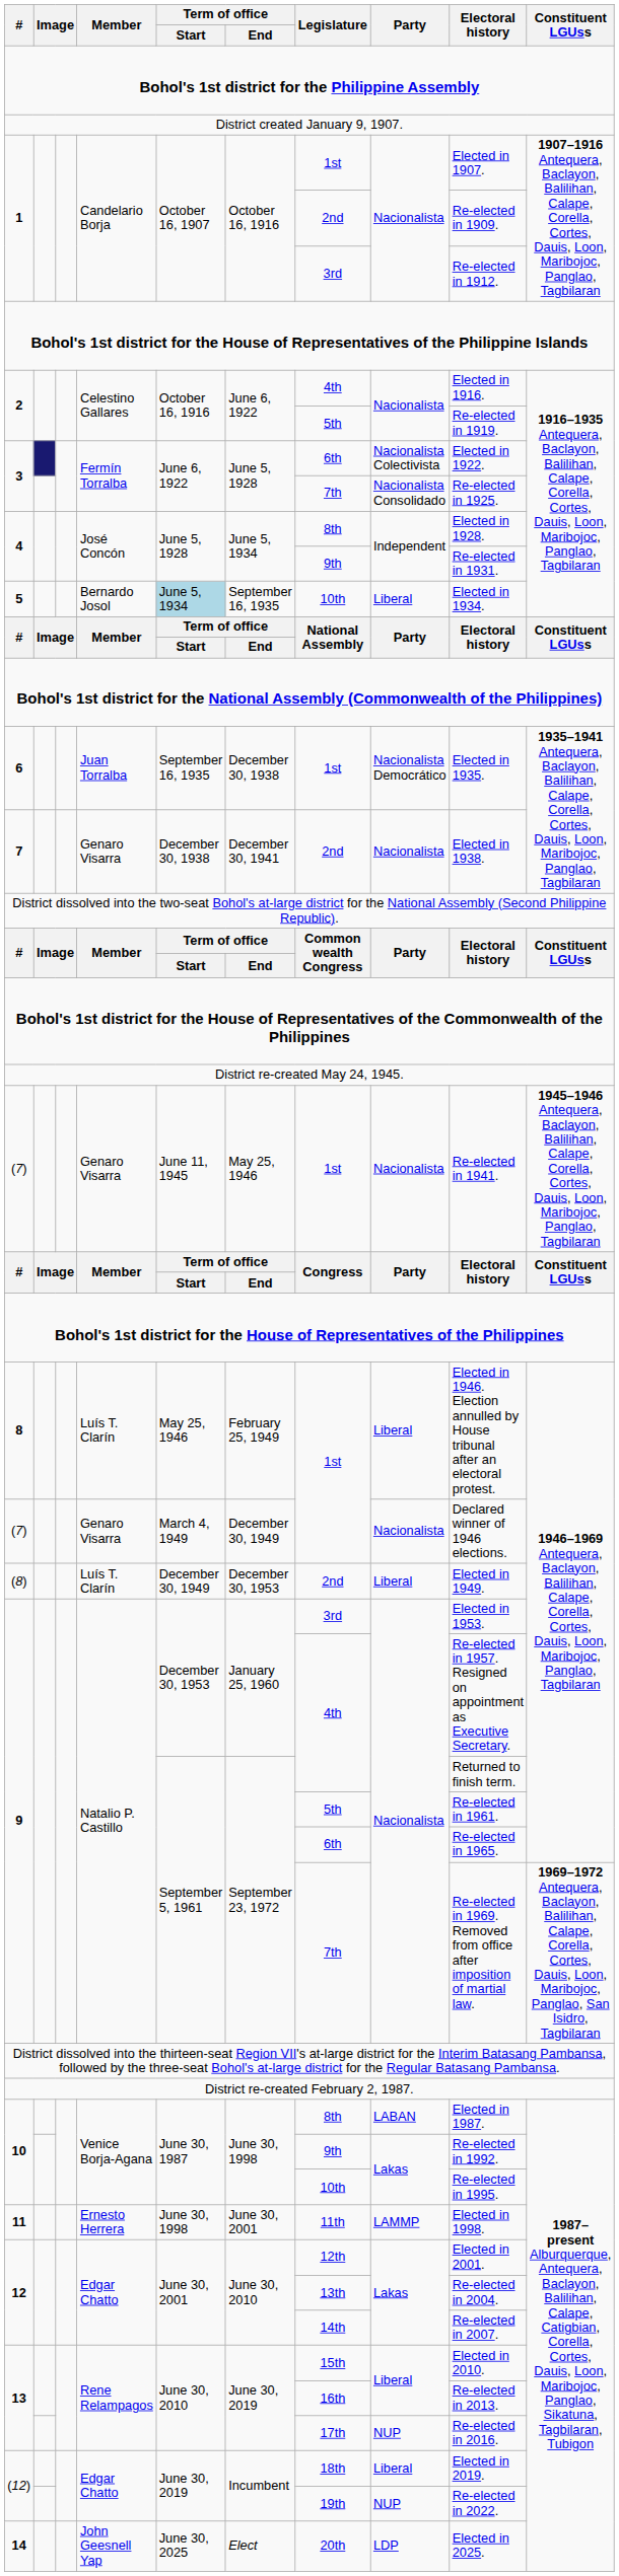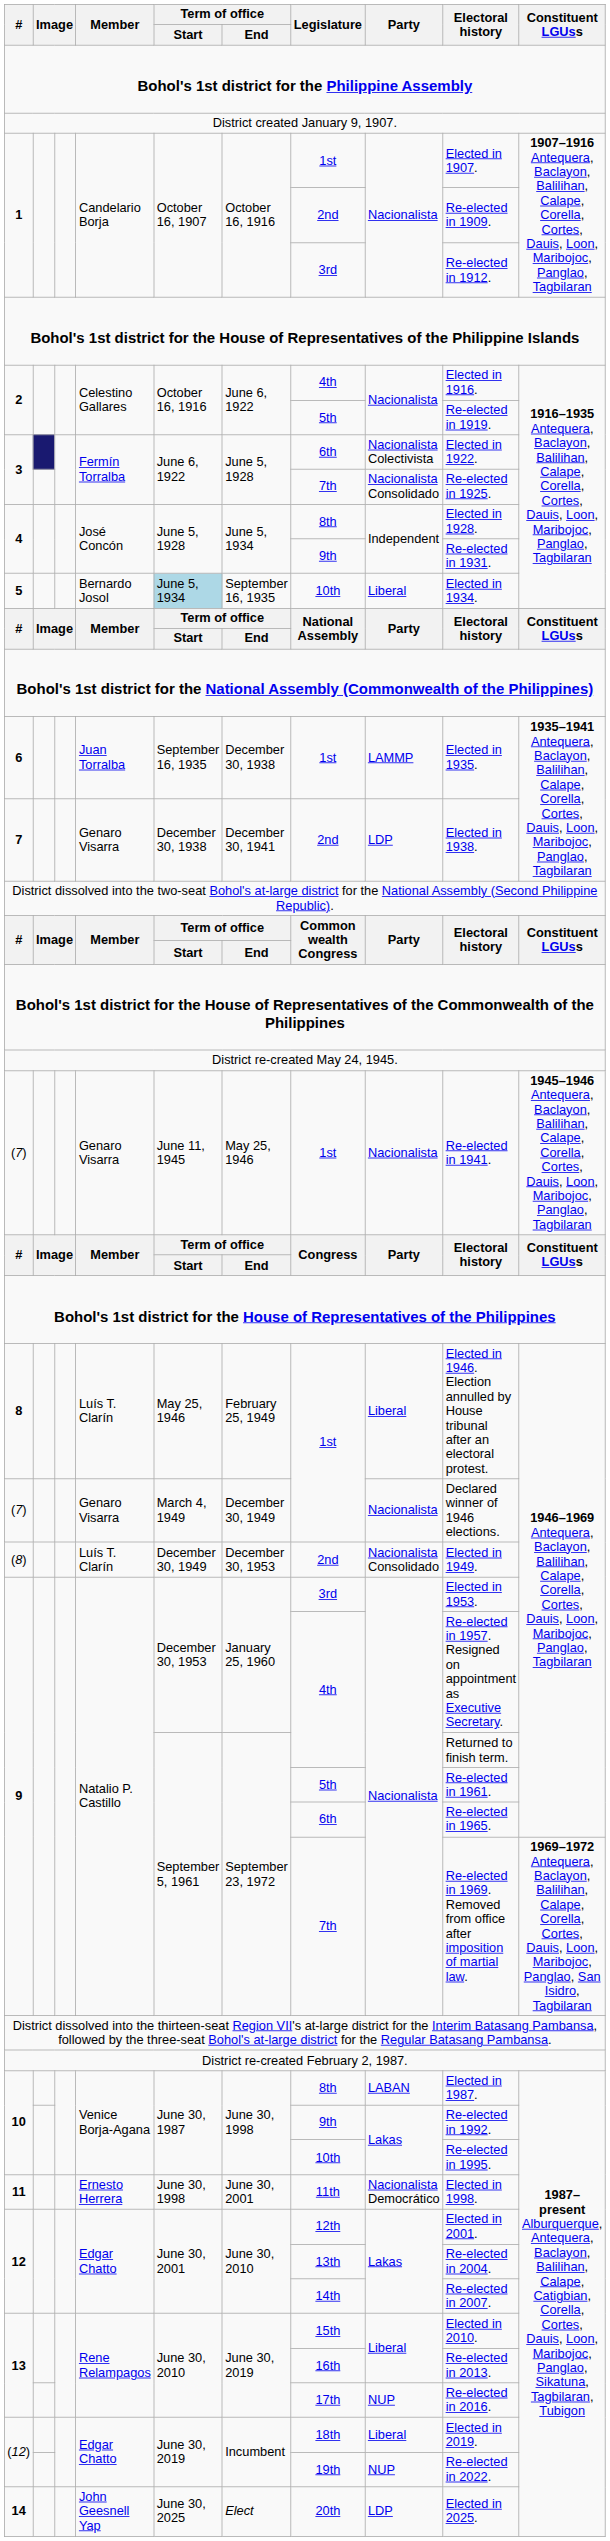 <table class=wikitable>
 <tr>
 <th rowspan="2">#</th>
 <th rowspan="2" colspan=2>Image</th>
 <th rowspan="2">Member</th>
 <th colspan=2>Term of office</th>
 <th rowspan="2">Legislature</th>
 <th rowspan="2">Party</th>
 <th rowspan="2">Electoral history</th>
 <th rowspan="2">Constituent<br><a href='#'>LGUs</a>s</th>
 </tr>
 <tr>
 <th>Start</th>
 <th>End</th>
 </tr>
 <tr>
 <td colspan="10" style="text-align:center;"><br><h3>Bohol's 1st district for the <a href='#'>Philippine Assembly</a></h3></td>
 </tr>
 <tr>
 <td colspan="10" style="text-align:center;">District created January 9, 1907.</td>
 </tr>
 <tr>
 <td rowspan="3" style="text-align:center;"><strong>1</strong></td>
 <td rowspan="3" style="color:inherit;background:"></td>
 <td rowspan="3"></td>
 <td rowspan="3">Candelario Borja</td>
 <td rowspan="3">October 16, 1907</td>
 <td rowspan="3">October 16, 1916</td>
 <td style="text-align:center;"><a href='#'>1st</a></td>
 <td rowspan="3"><a href='#'>Nacionalista</a></td>
 <td><a href='#'>Elected in 1907</a>.</td>
 <td rowspan="3" style="text-align:center;"><strong>1907–1916</strong><br><a href='#'>Antequera</a>, <a href='#'>Baclayon</a>, <a href='#'>Balilihan</a>, <a href='#'>Calape</a>, <a href='#'>Corella</a>, <a href='#'>Cortes</a>, <a href='#'>Dauis</a>, <a href='#'>Loon</a>, <a href='#'>Maribojoc</a>, <a href='#'>Panglao</a>, <a href='#'>Tagbilaran</a></td>
 </tr>
 <tr>
 <td style="text-align:center;"><a href='#'>2nd</a></td>
 <td><a href='#'>Re-elected in 1909</a>.</td>
 </tr>
 <tr>
 <td style="text-align:center;"><a href='#'>3rd</a></td>
 <td><a href='#'>Re-elected in 1912</a>.</td>
 </tr>
 <tr>
 <td colspan="10" style="text-align:center;"><br><h3>Bohol's 1st district for the House of Representatives of the Philippine Islands</h3></td>
 </tr>
 <tr>
 <td rowspan="2" style="text-align:center;"><strong>2</strong></td>
 <td rowspan="2" style="color:inherit;background:"></td>
 <td rowspan="2"></td>
 <td rowspan="2">Celestino Gallares</td>
 <td rowspan="2">October 16, 1916</td>
 <td rowspan="2">June 6, 1922</td>
 <td style="text-align:center;"><a href='#'>4th</a></td>
 <td rowspan="2"><a href='#'>Nacionalista</a></td>
 <td><a href='#'>Elected in 1916</a>.</td>
 <td rowspan="7" style="text-align:center;"><strong>1916–1935</strong><br><a href='#'>Antequera</a>, <a href='#'>Baclayon</a>, <a href='#'>Balilihan</a>, <a href='#'>Calape</a>, <a href='#'>Corella</a>, <a href='#'>Cortes</a>, <a href='#'>Dauis</a>, <a href='#'>Loon</a>, <a href='#'>Maribojoc</a>, <a href='#'>Panglao</a>, <a href='#'>Tagbilaran</a></td>
 </tr>
 <tr>
 <td style="text-align:center;"><a href='#'>5th</a></td>
 <td><a href='#'>Re-elected in 1919</a>.</td>
 </tr>
 <tr>
 <td rowspan="2" style="text-align:center;"><strong>3</strong></td>
 <td style="background-color:#191970"></td>
 <td rowspan="2"></td>
 <td rowspan="2"><a href='#'>Fermín Torralba</a></td>
 <td rowspan="2">June 6, 1922</td>
 <td rowspan="2">June 5, 1928</td>
 <td style="text-align:center;"><a href='#'>6th</a></td>
 <td><a href='#'>Nacionalista</a><br>Colectivista</td>
 <td><a href='#'>Elected in 1922</a>.</td>
 </tr>
 <tr>
 <td style="color:inherit;background:"></td>
 <td style="text-align:center;"><a href='#'>7th</a></td>
 <td><a href='#'>Nacionalista</a><br>Consolidado</td>
 <td><a href='#'>Re-elected in 1925</a>.</td>
 </tr>
 <tr>
 <td rowspan="2" style="text-align:center;"><strong>4</strong></td>
 <td rowspan="2" style="color:inherit;background:"></td>
 <td rowspan="2"></td>
 <td rowspan="2">José Concón</td>
 <td rowspan="2">June 5, 1928</td>
 <td rowspan="2">June 5, 1934</td>
 <td style="text-align:center;"><a href='#'>8th</a></td>
 <td rowspan="2">Independent</td>
 <td><a href='#'>Elected in 1928</a>.</td>
 </tr>
 <tr>
 <td style="text-align:center;"><a href='#'>9th</a></td>
 <td><a href='#'>Re-elected in 1931</a>.</td>
 </tr>
 <tr>
 <td style="text-align:center;"><strong>5</strong></td>
 <td style="color:inherit;background:"></td>
 <td></td>
 <td>Bernardo Josol</td>
 <td style="background: lightblue;">June 5, 1934</td>
 <td>September 16, 1935</td>
 <td style="text-align:center;"><a href='#'>10th</a></td>
 <td><a href='#'>Liberal</a></td>
 <td><a href='#'>Elected in 1934</a>.</td>
 </tr>
 <tr>
 <th rowspan="2">#</th>
 <th rowspan="2" colspan=2>Image</th>
 <th rowspan="2">Member</th>
 <th colspan=2>Term of office</th>
 <th rowspan="2">National<br>Assembly</th>
 <th rowspan="2">Party</th>
 <th rowspan="2">Electoral history</th>
 <th rowspan="2">Constituent<br><a href='#'>LGUs</a>s</th>
 </tr>
 <tr>
 <th>Start</th>
 <th>End</th>
 </tr>
 <tr>
 <td colspan="10" style="text-align:center;"><br><h3>Bohol's 1st district for the <a href='#'>National Assembly (Commonwealth of the Philippines)</a></h3></td>
 </tr>
 <tr>
 <td style="text-align:center;"><strong>6</strong></td>
 <td style="color:inherit;background:"></td>
 <td></td>
 <td><a href='#'>Juan Torralba</a></td>
 <td>September 16, 1935</td>
 <td>December 30, 1938</td>
 <td style="text-align:center;"><a href='#'>1st</a></td>
-<td><a href='#'>Nacionalista</a><br>Democrático</td>
+<td><a href='#'>LAMMP</a></td>
 <td><a href='#'>Elected in 1935</a>.</td>
 <td rowspan="2" style="text-align:center;"><strong>1935–1941</strong><br><a href='#'>Antequera</a>, <a href='#'>Baclayon</a>, <a href='#'>Balilihan</a>, <a href='#'>Calape</a>, <a href='#'>Corella</a>, <a href='#'>Cortes</a>, <a href='#'>Dauis</a>, <a href='#'>Loon</a>, <a href='#'>Maribojoc</a>, <a href='#'>Panglao</a>, <a href='#'>Tagbilaran</a></td>
 </tr>
 <tr>
 <td style="text-align:center;"><strong>7</strong></td>
 <td style="color:inherit;background:"></td>
 <td></td>
 <td>Genaro Visarra</td>
 <td>December 30, 1938</td>
 <td>December 30, 1941</td>
 <td style="text-align:center;"><a href='#'>2nd</a></td>
-<td><a href='#'>Nacionalista</a></td>
+<td><a href='#'>LDP</a></td>
 <td><a href='#'>Elected in 1938</a>.</td>
 </tr>
 <tr>
 <td colspan="10" style="text-align:center;">District dissolved into the two-seat <a href='#'>Bohol's at-large district</a> for the <a href='#'>National Assembly (Second Philippine Republic)</a>.</td>
 </tr>
 <tr>
 <th rowspan="2">#</th>
 <th rowspan="2" colspan=2>Image</th>
 <th rowspan="2">Member</th>
 <th colspan=2>Term of office</th>
 <th rowspan="2">Common<br>wealth<br>Congress</th>
 <th rowspan="2">Party</th>
 <th rowspan="2">Electoral history</th>
 <th rowspan="2">Constituent<br><a href='#'>LGUs</a>s</th>
 </tr>
 <tr>
 <th>Start</th>
 <th>End</th>
 </tr>
 <tr>
 <td colspan="10" style="text-align:center;"><br><h3>Bohol's 1st district for the House of Representatives of the Commonwealth of the Philippines</h3></td>
 </tr>
 <tr>
 <td colspan="10" style="text-align:center;">District re-created May 24, 1945.</td>
 </tr>
 <tr>
 <td style="text-align:center;">(<em>7</em>)</td>
 <td style="color:inherit;background:"></td>
 <td></td>
 <td>Genaro Visarra</td>
 <td>June 11, 1945</td>
 <td>May 25, 1946</td>
 <td style="text-align:center;"><a href='#'>1st</a></td>
 <td><a href='#'>Nacionalista</a></td>
 <td><a href='#'>Re-elected in 1941</a>.</td>
 <td style="text-align:center;"><strong>1945–1946</strong><br><a href='#'>Antequera</a>, <a href='#'>Baclayon</a>, <a href='#'>Balilihan</a>, <a href='#'>Calape</a>, <a href='#'>Corella</a>, <a href='#'>Cortes</a>, <a href='#'>Dauis</a>, <a href='#'>Loon</a>, <a href='#'>Maribojoc</a>, <a href='#'>Panglao</a>, <a href='#'>Tagbilaran</a></td>
 </tr>
 <tr>
 <th rowspan="2">#</th>
 <th rowspan="2" colspan=2>Image</th>
 <th rowspan="2">Member</th>
 <th colspan=2>Term of office</th>
 <th rowspan="2">Congress</th>
 <th rowspan="2">Party</th>
 <th rowspan="2">Electoral history</th>
 <th rowspan="2">Constituent<br><a href='#'>LGUs</a>s</th>
 </tr>
 <tr>
 <th>Start</th>
 <th>End</th>
 </tr>
 <tr>
 <td colspan="10" style="text-align:center;"><br><h3>Bohol's 1st district for the <a href='#'>House of Representatives of the Philippines</a></h3></td>
 </tr>
 <tr>
 <td style="text-align:center;"><strong>8</strong></td>
 <td style="color:inherit;background:"></td>
 <td></td>
 <td>Luís T. Clarín</td>
 <td>May 25, 1946</td>
 <td>February 25, 1949</td>
 <td rowspan="2" style="text-align:center;"><a href='#'>1st</a></td>
 <td><a href='#'>Liberal</a></td>
 <td><a href='#'>Elected in 1946</a>.<br>Election annulled by House tribunal after an electoral protest.</td>
 <td rowspan="8" style="text-align:center;"><strong>1946–1969</strong><br><a href='#'>Antequera</a>, <a href='#'>Baclayon</a>, <a href='#'>Balilihan</a>, <a href='#'>Calape</a>, <a href='#'>Corella</a>, <a href='#'>Cortes</a>, <a href='#'>Dauis</a>, <a href='#'>Loon</a>, <a href='#'>Maribojoc</a>, <a href='#'>Panglao</a>, <a href='#'>Tagbilaran</a></td>
 </tr>
 <tr>
 <td style="text-align:center;">(<em>7</em>)</td>
 <td style="color:inherit;background:"></td>
 <td></td>
 <td>Genaro Visarra</td>
 <td>March 4, 1949</td>
 <td>December 30, 1949</td>
 <td><a href='#'>Nacionalista</a></td>
 <td>Declared winner of 1946 elections.</td>
 </tr>
 <tr>
 <td style="text-align:center;">(<em>8</em>)</td>
 <td style="color:inherit;background:"></td>
 <td></td>
 <td>Luís T. Clarín</td>
 <td>December 30, 1949</td>
 <td>December 30, 1953</td>
 <td style="text-align:center;"><a href='#'>2nd</a></td>
-<td><a href='#'>Liberal</a></td>
+<td><a href='#'>Nacionalista</a><br>Consolidado</td>
 <td><a href='#'>Elected in 1949</a>.</td>
 </tr>
 <tr>
 <td rowspan="6" style="text-align:center;"><strong>9</strong></td>
 <td rowspan="6" style="color:inherit;background:"></td>
 <td rowspan="6"></td>
 <td rowspan="6">Natalio P. Castillo</td>
 <td rowspan="2">December 30, 1953</td>
 <td rowspan="2">January 25, 1960</td>
 <td style="text-align:center;"><a href='#'>3rd</a></td>
 <td rowspan="6"><a href='#'>Nacionalista</a></td>
 <td><a href='#'>Elected in 1953</a>.</td>
 </tr>
 <tr>
 <td rowspan="2" style="text-align:center;"><a href='#'>4th</a></td>
 <td><a href='#'>Re-elected in 1957</a>.<br>Resigned on appointment as <a href='#'>Executive Secretary</a>.</td>
 </tr>
 <tr>
 <td rowspan="4">September 5, 1961</td>
 <td rowspan="4">September 23, 1972</td>
 <td>Returned to finish term.</td>
 </tr>
 <tr>
 <td style="text-align:center;"><a href='#'>5th</a></td>
 <td><a href='#'>Re-elected in 1961</a>.</td>
 </tr>
 <tr>
 <td style="text-align:center;"><a href='#'>6th</a></td>
 <td><a href='#'>Re-elected in 1965</a>.</td>
 </tr>
 <tr>
 <td style="text-align:center;"><a href='#'>7th</a></td>
 <td><a href='#'>Re-elected in 1969</a>.<br>Removed from office after <a href='#'>imposition of martial law</a>.</td>
 <td style="text-align:center;"><strong>1969–1972</strong><br><a href='#'>Antequera</a>, <a href='#'>Baclayon</a>, <a href='#'>Balilihan</a>, <a href='#'>Calape</a>, <a href='#'>Corella</a>, <a href='#'>Cortes</a>, <a href='#'>Dauis</a>, <a href='#'>Loon</a>, <a href='#'>Maribojoc</a>, <a href='#'>Panglao</a>, <a href='#'>San Isidro</a>, <a href='#'>Tagbilaran</a></td>
 </tr>
 <tr>
 <td colspan="10" style="text-align:center;">District dissolved into the thirteen-seat <a href='#'>Region VII</a>'s at-large district for the <a href='#'>Interim Batasang Pambansa</a>, followed by the three-seat <a href='#'>Bohol's at-large district</a> for the <a href='#'>Regular Batasang Pambansa</a>.</td>
 </tr>
 <tr>
 <td colspan="10" style="text-align:center;">District re-created February 2, 1987.</td>
 </tr>
 <tr>
 <td rowspan="3" style="text-align:center;"><strong>10</strong></td>
 <td style="color:inherit;background:"></td>
 <td rowspan="3"></td>
 <td rowspan="3">Venice Borja-Agana</td>
 <td rowspan="3">June 30, 1987</td>
 <td rowspan="3">June 30, 1998</td>
 <td style="text-align:center;"><a href='#'>8th</a></td>
 <td><a href='#'>LABAN</a></td>
 <td><a href='#'>Elected in 1987</a>.</td>
 <td rowspan="13" style="text-align:center;"><strong>1987–present</strong><br><a href='#'>Alburquerque</a>, <a href='#'>Antequera</a>, <a href='#'>Baclayon</a>, <a href='#'>Balilihan</a>, <a href='#'>Calape</a>, <a href='#'>Catigbian</a>, <a href='#'>Corella</a>, <a href='#'>Cortes</a>, <a href='#'>Dauis</a>, <a href='#'>Loon</a>, <a href='#'>Maribojoc</a>, <a href='#'>Panglao</a>, <a href='#'>Sikatuna</a>, <a href='#'>Tagbilaran</a>, <a href='#'>Tubigon</a></td>
 </tr>
 <tr>
 <td rowspan="2" style="color:inherit;background:"></td>
 <td style="text-align:center;"><a href='#'>9th</a></td>
 <td rowspan="2"><a href='#'>Lakas</a></td>
 <td><a href='#'>Re-elected in 1992</a>.</td>
 </tr>
 <tr>
 <td style="text-align:center;"><a href='#'>10th</a></td>
 <td><a href='#'>Re-elected in 1995</a>.</td>
 </tr>
 <tr>
 <td style="text-align:center;"><strong>11</strong></td>
 <td style="color:inherit;background:"></td>
 <td></td>
 <td><a href='#'>Ernesto Herrera</a></td>
 <td>June 30, 1998</td>
 <td>June 30, 2001</td>
 <td style="text-align:center;"><a href='#'>11th</a></td>
-<td><a href='#'>LAMMP</a></td>
+<td><a href='#'>Nacionalista</a><br>Democrático</td>
 <td><a href='#'>Elected in 1998</a>.</td>
 </tr>
 <tr>
 <td rowspan="3" style="text-align:center;"><strong>12</strong></td>
 <td rowspan="3" style="color:inherit;background:"></td>
 <td rowspan="3"></td>
 <td rowspan="3"><a href='#'>Edgar Chatto</a></td>
 <td rowspan="3">June 30, 2001</td>
 <td rowspan="3">June 30, 2010</td>
 <td style="text-align:center;"><a href='#'>12th</a></td>
 <td rowspan="3"><a href='#'>Lakas</a></td>
 <td><a href='#'>Elected in 2001</a>.</td>
 </tr>
 <tr>
 <td style="text-align:center;"><a href='#'>13th</a></td>
 <td><a href='#'>Re-elected in 2004</a>.</td>
 </tr>
 <tr>
 <td style="text-align:center;"><a href='#'>14th</a></td>
 <td><a href='#'>Re-elected in 2007</a>.</td>
 </tr>
 <tr>
 <td rowspan="3" style="text-align:center;"><strong>13</strong></td>
 <td rowspan="2" style="color:inherit;background:"></td>
 <td rowspan="3"></td>
 <td rowspan="3"><a href='#'>Rene Relampagos</a></td>
 <td rowspan="3">June 30, 2010</td>
 <td rowspan="3">June 30, 2019</td>
 <td style="text-align:center;"><a href='#'>15th</a></td>
 <td rowspan="2"><a href='#'>Liberal</a></td>
 <td><a href='#'>Elected in 2010</a>.</td>
 </tr>
 <tr>
 <td style="text-align:center;"><a href='#'>16th</a></td>
 <td><a href='#'>Re-elected in 2013</a>.</td>
 </tr>
 <tr>
 <td style="color:inherit;background:"></td>
 <td style="text-align:center;"><a href='#'>17th</a></td>
 <td><a href='#'>NUP</a></td>
 <td><a href='#'>Re-elected in 2016</a>.</td>
 </tr>
 <tr>
 <td rowspan="2" style="text-align:center;">(<em>12</em>)</td>
 <td style="color:inherit;background:"></td>
 <td rowspan="2"></td>
 <td rowspan="2"><a href='#'>Edgar Chatto</a></td>
 <td rowspan="2">June 30, 2019</td>
 <td rowspan="2">Incumbent</td>
 <td style="text-align:center;"><a href='#'>18th</a></td>
 <td><a href='#'>Liberal</a></td>
 <td><a href='#'>Elected in 2019</a>.</td>
 </tr>
 <tr>
 <td style=background:></td>
 <td style="text-align:center;"><a href='#'>19th</a></td>
 <td><a href='#'>NUP</a></td>
 <td><a href='#'>Re-elected in 2022</a>.</td>
 </tr>
 <tr>
 <td style="text-align:center;"><strong>14</strong></td>
 <td style="color:inherit;background:"></td>
 <td></td>
 <td><a href='#'>John Geesnell Yap</a></td>
 <td>June 30, 2025</td>
 <td><em>Elect</em></td>
 <td style="text-align:center;"><a href='#'>20th</a></td>
 <td><a href='#'>LDP</a></td>
 <td><a href='#'>Elected in 2025</a>.</td>
 </tr>
 </table>
